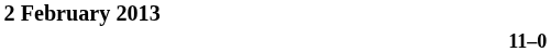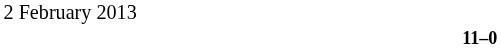 <table style="width:100%;" cellspacing="1">
 <tr>
 <th width=25%></th>
 <th width=10%></th>
 <th></th>
 </tr>
 <tr>
-<td><strong>2 February 2013</strong></td>
+<td>2 February 2013</td>
 </tr>
 <tr style=font-size:90%>
 <td align=right><strong></strong></td>
 <td align=center><strong>11–0</strong></td>
 <td><strong></strong></td>
 </tr>
 </table>
